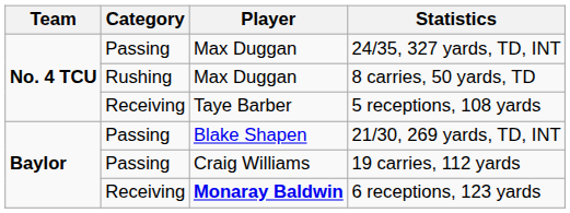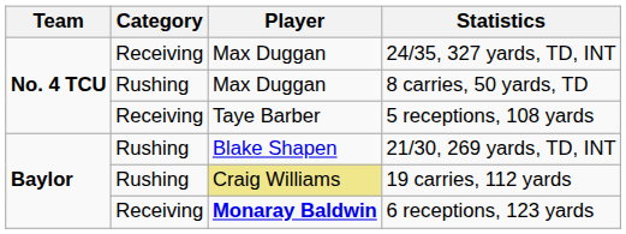 <table class="wikitable" style="float: right;">
 <tr>
 <th>Team</th>
 <th>Category</th>
 <th>Player</th>
 <th>Statistics</th>
 </tr>
 <tr>
 <td rowspan=3><strong>No. 4 TCU</strong></td>
-<td>Passing</td>
+<td>Receiving</td>
 <td>Max Duggan</td>
 <td>24/35, 327 yards, TD, INT</td>
 </tr>
 <tr>
 <td>Rushing</td>
 <td>Max Duggan</td>
 <td>8 carries, 50 yards, TD</td>
 </tr>
 <tr>
 <td>Receiving</td>
 <td>Taye Barber</td>
 <td>5 receptions, 108 yards</td>
 </tr>
 <tr>
 <td rowspan=3><strong>Baylor</strong></td>
-<td>Passing</td>
+<td>Rushing</td>
 <td><a href='#'>Blake Shapen</a></td>
 <td>21/30, 269 yards, TD, INT</td>
 </tr>
 <tr>
-<td>Passing</td>
-<td>Craig Williams</td>
+<td>Rushing</td>
+<td style="background: khaki;">Craig Williams</td>
 <td>19 carries, 112 yards</td>
 </tr>
 <tr>
 <td>Receiving</td>
 <td><strong><a href='#'>Monaray Baldwin</a></strong></td>
 <td>6 receptions, 123 yards</td>
 </tr>
 </table>
